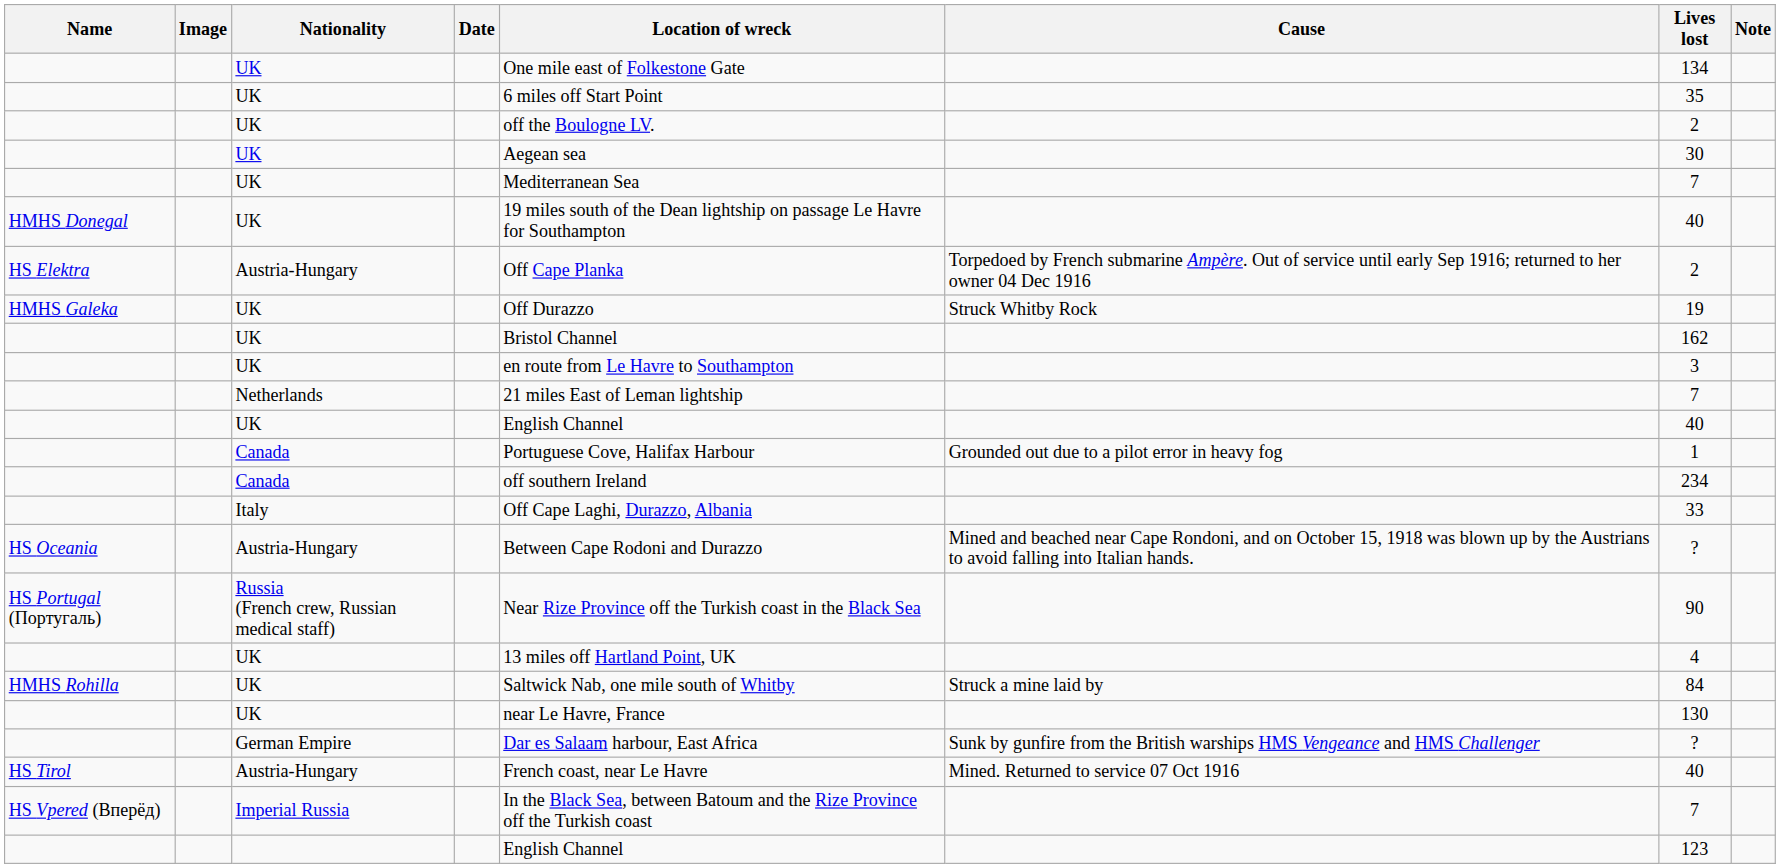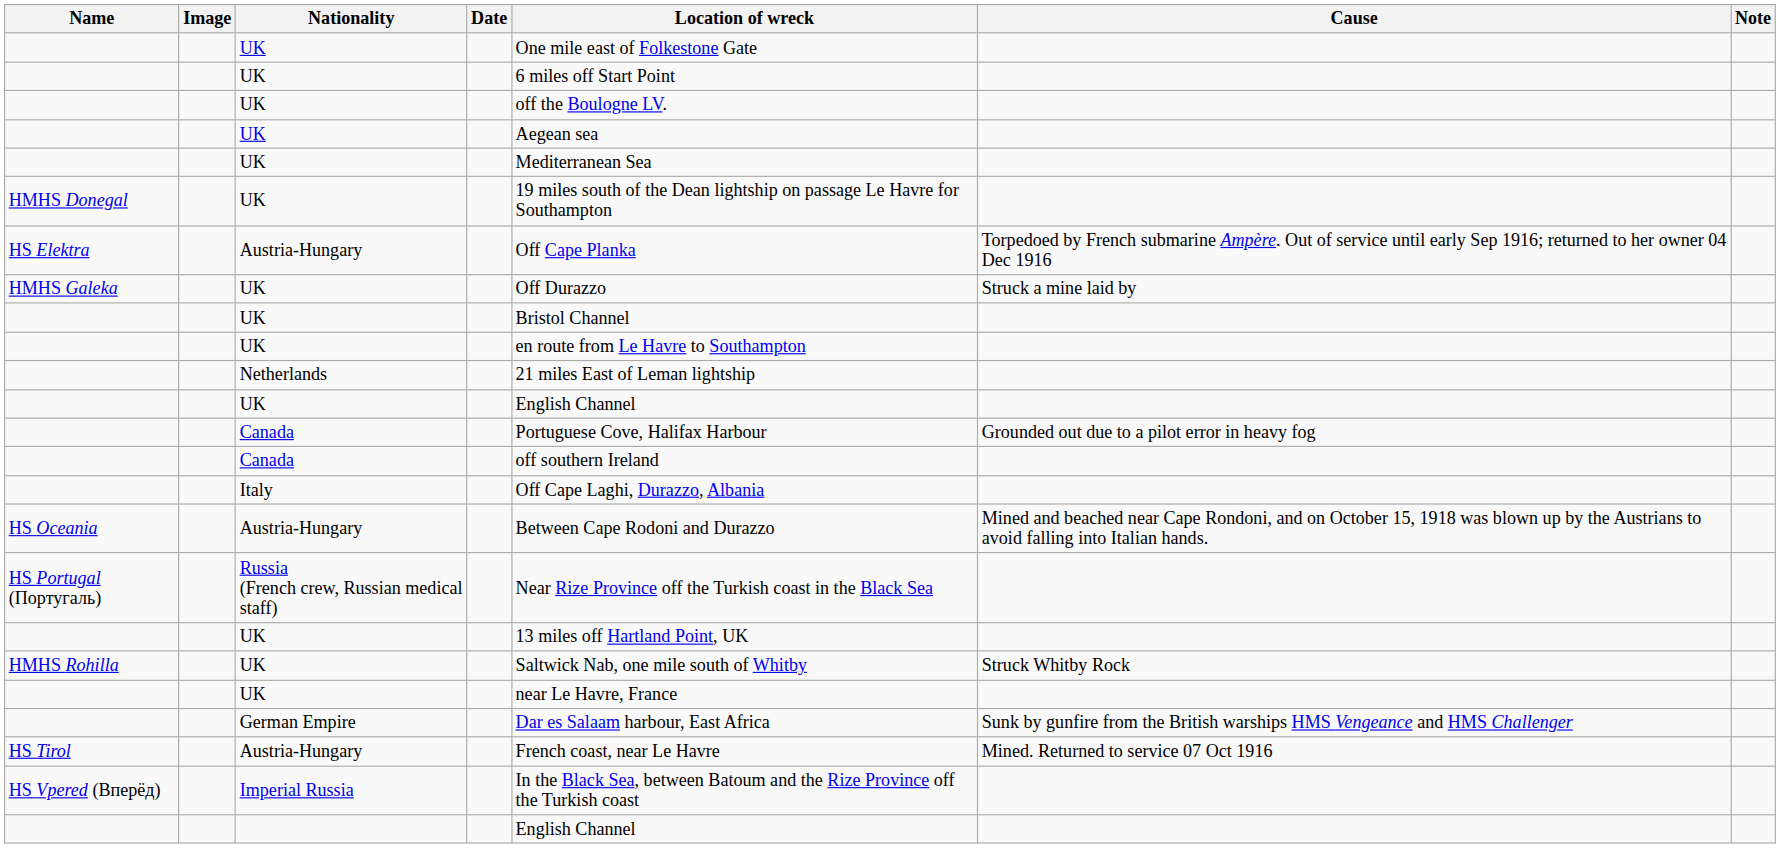 <table class="wikitable sortable">
 <tr>
 <th>Name</th>
 <th class=unsortable>Image</th>
 <th>Nationality</th>
 <th>Date</th>
 <th>Location of wreck</th>
 <th>Cause</th>
-<th>Lives lost</th>
 <th class=unsortable>Note</th>
 </tr>
 <tr>
 <td></td>
 <td></td>
 <td> <a href='#'>UK</a></td>
 <td></td>
 <td>One mile east of <a href='#'>Folkestone</a> Gate</td>
 <td></td>
-<td align=center>134</td>
 <td></td>
 </tr>
 <tr>
 <td></td>
 <td></td>
 <td> UK</td>
 <td></td>
 <td>6 miles off Start Point </td>
 <td></td>
-<td align=center>35</td>
 <td><br>   </td>
 </tr>
 <tr>
 <td> </td>
 <td></td>
 <td> UK</td>
 <td></td>
 <td> off the <a href='#'>Boulogne LV</a>.</td>
 <td></td>
-<td align=center>2</td>
 <td></td>
 </tr>
 <tr>
 <td></td>
 <td></td>
 <td> <a href='#'>UK</a></td>
 <td></td>
 <td>Aegean sea </td>
 <td></td>
-<td align=center>30</td>
 <td></td>
 </tr>
 <tr>
 <td></td>
 <td></td>
 <td> UK</td>
 <td></td>
 <td>Mediterranean Sea </td>
 <td></td>
-<td align=center>7</td>
 <td></td>
 </tr>
 <tr>
 <td><a href='#'>HMHS <em>Donegal</em></a></td>
 <td></td>
 <td> UK</td>
 <td></td>
 <td>19 miles south of the Dean lightship on passage Le Havre for Southampton </td>
 <td></td>
-<td align=center>40</td>
 <td><br>  </td>
 </tr>
 <tr>
 <td><a href='#'>HS <em>Elektra</em></a></td>
 <td></td>
 <td> Austria-Hungary</td>
 <td></td>
 <td>Off <a href='#'>Cape Planka</a></td>
 <td>Torpedoed by French submarine <a href='#'><em>Ampère</em></a>. Out of service until early Sep 1916; returned to her owner 04 Dec 1916</td>
-<td align=center>2</td>
 <td></td>
 </tr>
 <tr>
 <td><a href='#'>HMHS <em>Galeka</em></a></td>
 <td></td>
 <td> UK</td>
 <td></td>
 <td>Off Durazzo</td>
-<td>Struck Whitby Rock</td>
-<td align=center>19</td>
+<td>Struck a mine laid by </td>
 <td></td>
 </tr>
 <tr>
 <td></td>
 <td></td>
 <td> UK</td>
 <td></td>
 <td>Bristol Channel  </td>
 <td></td>
-<td align=center>162</td>
 <td></td>
 </tr>
 <tr>
 <td></td>
 <td></td>
 <td> UK</td>
 <td></td>
 <td>en route from <a href='#'>Le Havre</a> to <a href='#'>Southampton</a></td>
 <td></td>
-<td align=center>3</td>
 <td></td>
 </tr>
 <tr>
 <td></td>
 <td></td>
 <td> Netherlands</td>
 <td></td>
 <td>21 miles East of Leman lightship</td>
 <td></td>
-<td align=center>7</td>
 <td><br></td>
 </tr>
 <tr>
 <td></td>
 <td></td>
 <td> UK</td>
 <td></td>
 <td>English Channel </td>
 <td></td>
-<td align=center>40</td>
 <td></td>
 </tr>
 <tr>
 <td></td>
 <td></td>
 <td> <a href='#'>Canada</a></td>
 <td></td>
 <td>Portuguese Cove, Halifax Harbour</td>
 <td>Grounded out due to a pilot error in heavy fog</td>
-<td align=center>1</td>
 <td><br></td>
 </tr>
 <tr>
 <td></td>
 <td></td>
 <td> <a href='#'>Canada</a></td>
 <td></td>
 <td>off southern Ireland </td>
 <td></td>
-<td align=center>234</td>
 <td></td>
 </tr>
 <tr>
 <td></td>
 <td></td>
 <td> Italy</td>
 <td></td>
 <td>Off Cape Laghi, <a href='#'>Durazzo</a>, <a href='#'>Albania</a></td>
 <td></td>
-<td align=center>33</td>
 <td></td>
 </tr>
 <tr>
 <td><a href='#'>HS <em>Oceania</em></a></td>
 <td></td>
 <td> Austria-Hungary</td>
 <td></td>
 <td>Between Cape Rodoni and Durazzo</td>
 <td>Mined and beached near Cape Rondoni, and on October 15, 1918 was blown up by the Austrians to avoid falling into Italian hands.</td>
-<td align=center>?</td>
 <td></td>
 </tr>
 <tr>
 <td><a href='#'>HS <em>Portugal</em></a> (Португаль)</td>
 <td></td>
 <td> <a href='#'>Russia</a><br> (French crew, Russian medical staff)</td>
 <td></td>
 <td>Near <a href='#'>Rize Province</a> off the Turkish coast in the <a href='#'>Black Sea</a></td>
 <td> </td>
-<td align=center>90</td>
 <td><br></td>
 </tr>
 <tr>
 <td></td>
 <td></td>
 <td> UK</td>
 <td></td>
 <td>13 miles off <a href='#'>Hartland Point</a>, UK</td>
 <td></td>
-<td align=center>4</td>
 <td></td>
 </tr>
 <tr>
 <td><a href='#'>HMHS <em>Rohilla</em></a></td>
 <td></td>
 <td> UK</td>
 <td></td>
 <td>Saltwick Nab, one mile south of <a href='#'>Whitby</a></td>
-<td>Struck a mine laid by </td>
-<td align=center>84</td>
+<td>Struck Whitby Rock</td>
 <td><br> </td>
 </tr>
 <tr>
 <td></td>
 <td></td>
 <td> UK</td>
 <td></td>
 <td>near Le Havre, France </td>
 <td></td>
-<td align=center>130</td>
 <td></td>
 </tr>
 <tr>
 <td></td>
 <td></td>
 <td> German Empire</td>
 <td></td>
 <td><a href='#'>Dar es Salaam</a> harbour, East Africa</td>
 <td>Sunk by gunfire from the British warships <a href='#'>HMS <em>Vengeance</em></a> and <a href='#'>HMS <em>Challenger</em></a></td>
-<td align=center>?</td>
 <td><br></td>
 </tr>
 <tr>
 <td><a href='#'>HS <em>Tirol</em></a></td>
 <td></td>
 <td> Austria-Hungary</td>
 <td></td>
 <td>French coast, near Le Havre </td>
 <td>Mined. Returned to service 07 Oct 1916</td>
-<td align=center>40</td>
 <td></td>
 </tr>
 <tr>
 <td><a href='#'>HS <em>Vpered</em></a> (Вперёд)</td>
 <td></td>
 <td> <a href='#'>Imperial Russia</a></td>
 <td></td>
 <td>In the <a href='#'>Black Sea</a>, between Batoum and the <a href='#'>Rize Province</a> off the Turkish coast</td>
 <td> </td>
-<td align=center>7</td>
 <td></td>
 </tr>
 <tr>
 <td></td>
 <td></td>
 <td></td>
 <td></td>
 <td>English Channel </td>
 <td></td>
-<td align=center>123</td>
 <td></td>
 </tr>
 </table>
